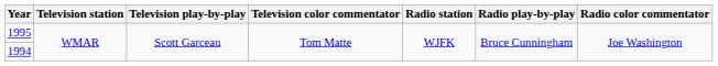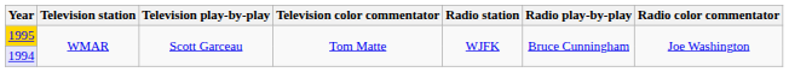 <table class="wikitable" style="text-align: center;">
 <tr>
 <th>Year</th>
 <th>Television station</th>
 <th>Television play-by-play</th>
 <th>Television color commentator</th>
 <th>Radio station</th>
 <th>Radio play-by-play</th>
 <th>Radio color commentator</th>
 </tr>
 <tr>
-<td><a href='#'>1995</a></td>
+<td style="background: gold;"><a href='#'>1995</a></td>
 <td rowspan=2><a href='#'>WMAR</a></td>
 <td rowspan=2><a href='#'>Scott Garceau</a></td>
 <td rowspan=2><a href='#'>Tom Matte</a></td>
 <td rowspan=2><a href='#'>WJFK</a></td>
 <td rowspan=2><a href='#'>Bruce Cunningham</a></td>
 <td rowspan=2><a href='#'>Joe Washington</a></td>
 </tr>
 <tr>
-<td><a href='#'>1994</a></td>
+<td style="background: lavender;"><a href='#'>1994</a></td>
 </tr>
 </table>
